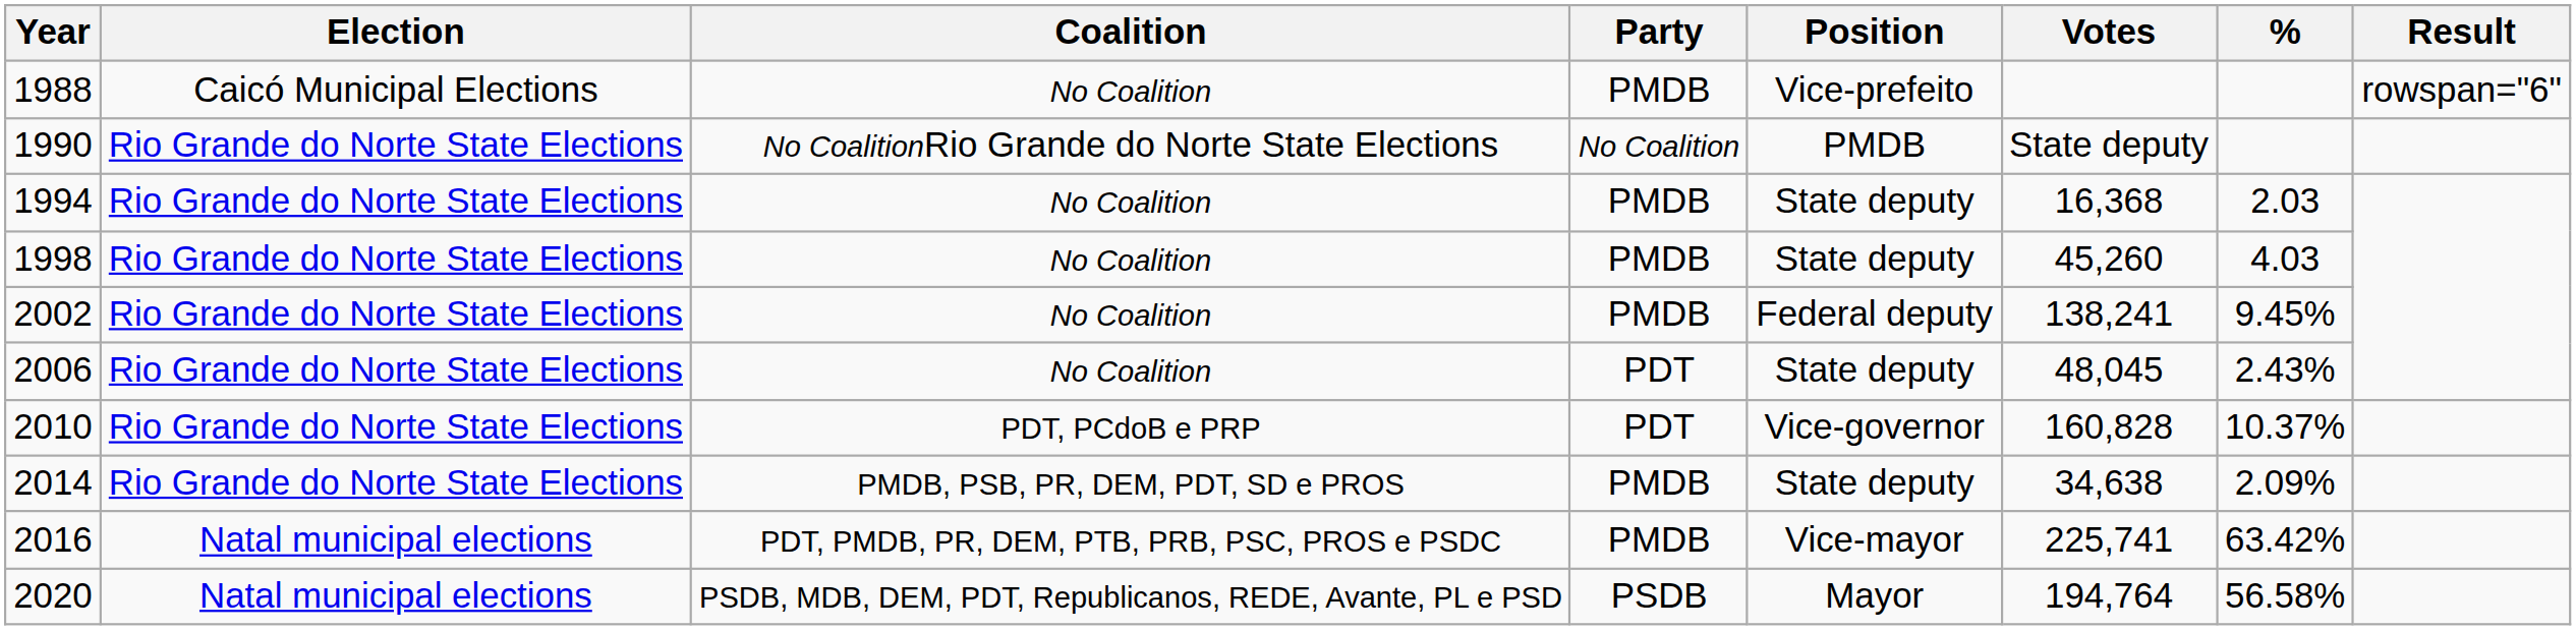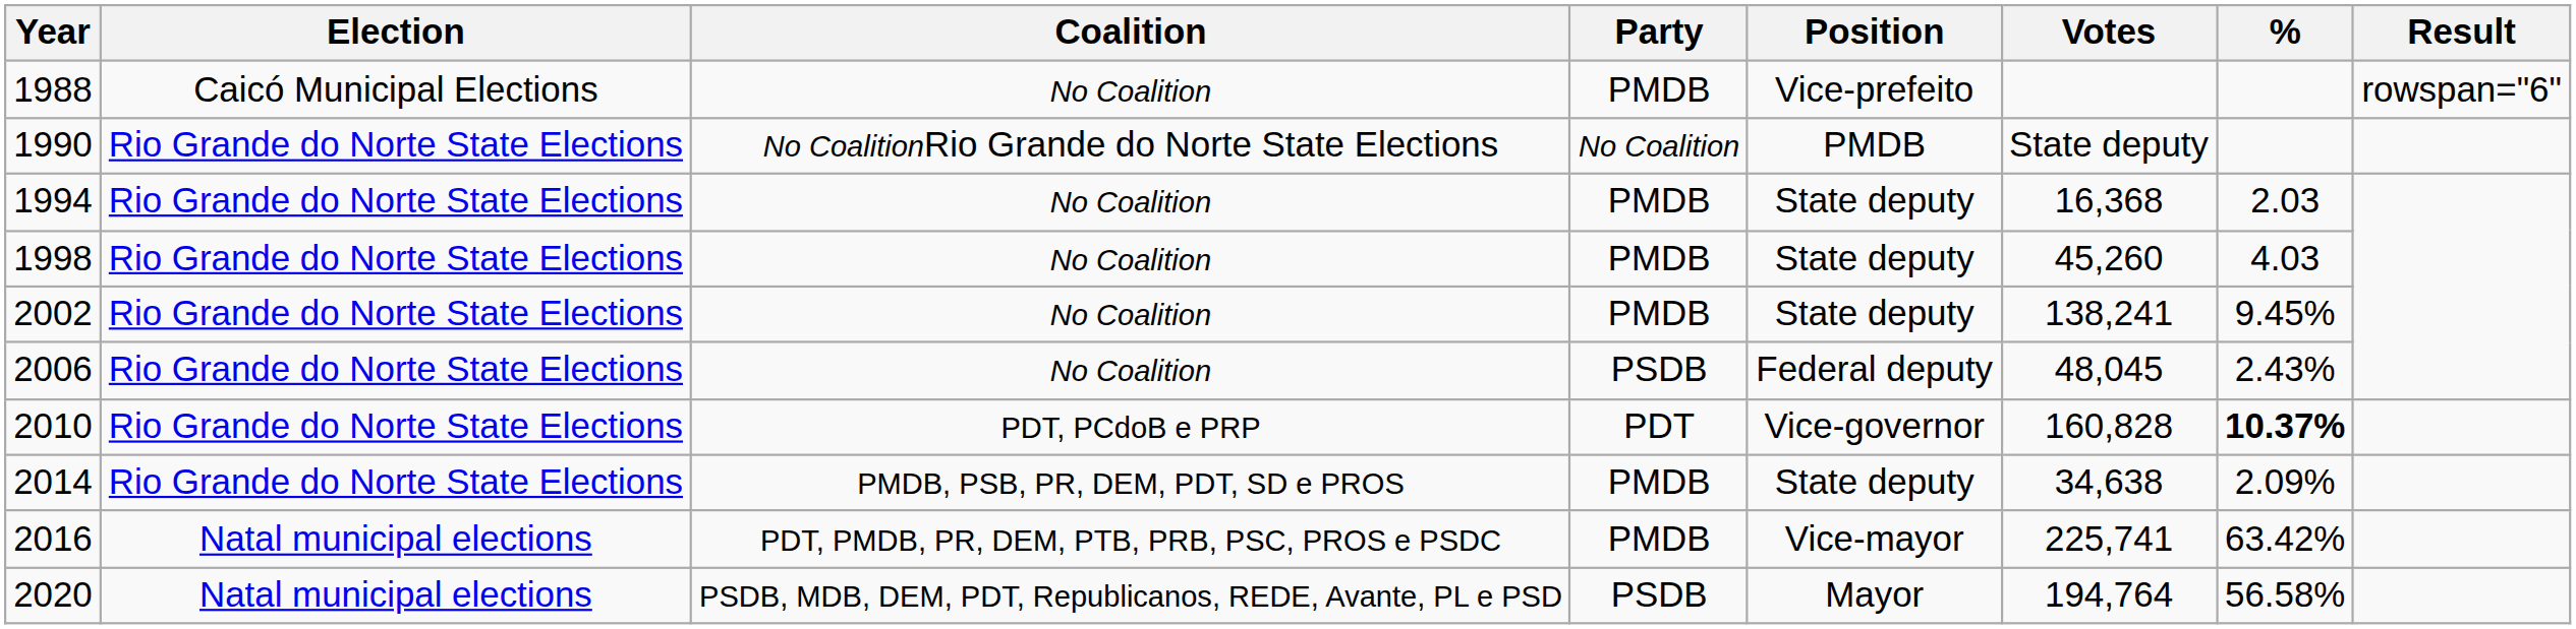 <table class="wikitable" style="text-align:center">
 <tr>
 <th>Year</th>
 <th>Election</th>
 <th>Coalition</th>
 <th>Party</th>
 <th>Position</th>
 <th>Votes</th>
 <th><strong>%</strong></th>
 <th>Result</th>
 </tr>
 <tr>
 <td>1988</td>
 <td>Caicó Municipal Elections</td>
 <td><small><em>No Coalition</em></small></td>
 <td>PMDB</td>
 <td>Vice-prefeito</td>
 <td></td>
 <td></td>
 <td>rowspan="6" </td>
 </tr>
 <tr>
 <td>1990</td>
 <td><a href='#'>Rio Grande do Norte State Elections</a></td>
 <td><small><em>No Coalition</em></small>Rio Grande do Norte State Elections</td>
 <td><small><em>No Coalition</em></small></td>
 <td>PMDB</td>
 <td>State deputy</td>
 <td></td>
 <td></td>
 </tr>
 <tr>
 <td>1994</td>
 <td><a href='#'>Rio Grande do Norte State Elections</a></td>
 <td><small><em>No Coalition</em></small></td>
 <td>PMDB</td>
 <td>State deputy</td>
 <td>16,368</td>
 <td>2.03</td>
 </tr>
 <tr>
 <td>1998</td>
 <td><a href='#'>Rio Grande do Norte State Elections</a></td>
 <td><small><em>No Coalition</em></small></td>
 <td>PMDB</td>
 <td>State deputy</td>
 <td>45,260</td>
 <td>4.03</td>
 </tr>
 <tr>
 <td>2002</td>
 <td><a href='#'>Rio Grande do Norte State Elections</a></td>
 <td><small><em>No Coalition</em></small></td>
 <td>PMDB</td>
-<td>Federal deputy</td>
+<td>State deputy</td>
 <td>138,241</td>
 <td>9.45%</td>
 </tr>
 <tr>
 <td>2006</td>
 <td><a href='#'>Rio Grande do Norte State Elections</a></td>
 <td><small><em>No Coalition</em></small></td>
-<td>PDT</td>
-<td>State deputy</td>
+<td>PSDB</td>
+<td>Federal deputy</td>
 <td>48,045</td>
 <td>2.43%</td>
 </tr>
 <tr>
 <td>2010</td>
 <td><a href='#'>Rio Grande do Norte State Elections</a></td>
 <td><small>PDT, PCdoB e PRP</small></td>
 <td>PDT</td>
 <td>Vice-governor</td>
 <td>160,828</td>
-<td>10.37%</td>
+<td><strong>10.37%</strong></td>
 <td></td>
 </tr>
 <tr>
 <td>2014</td>
 <td><a href='#'>Rio Grande do Norte State Elections</a></td>
 <td><small>PMDB, PSB, PR, DEM, PDT, SD e PROS</small></td>
 <td>PMDB</td>
 <td>State deputy</td>
 <td>34,638</td>
 <td>2.09%</td>
 <td></td>
 </tr>
 <tr>
 <td>2016</td>
 <td><a href='#'>Natal municipal elections</a></td>
 <td><small>PDT, PMDB, PR, DEM, PTB, PRB, PSC, PROS e PSDC</small></td>
 <td>PMDB</td>
 <td>Vice-mayor</td>
 <td>225,741</td>
 <td>63.42%</td>
 <td></td>
 </tr>
 <tr>
 <td>2020</td>
 <td><a href='#'>Natal municipal elections</a></td>
 <td><small>PSDB, MDB, DEM, PDT, Republicanos, REDE, Avante, PL e PSD</small></td>
 <td>PSDB</td>
 <td>Mayor</td>
 <td>194,764</td>
 <td>56.58%</td>
 <td></td>
 </tr>
 </table>
